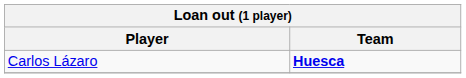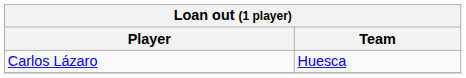 <table class="wikitable collapsible collapsed">
 <tr>
 <th colspan="2" width="500"> <strong>Loan out</strong> <small>(1 player)</small></th>
 </tr>
 <tr>
 <th>Player</th>
 <th>Team</th>
 </tr>
 <tr>
 <td> <a href='#'>Carlos Lázaro</a></td>
-<td><strong> <a href='#'>Huesca</a></strong></td>
+<td> <a href='#'>Huesca</a></td>
 </tr>
 <tr>
 </tr>
 </table>
